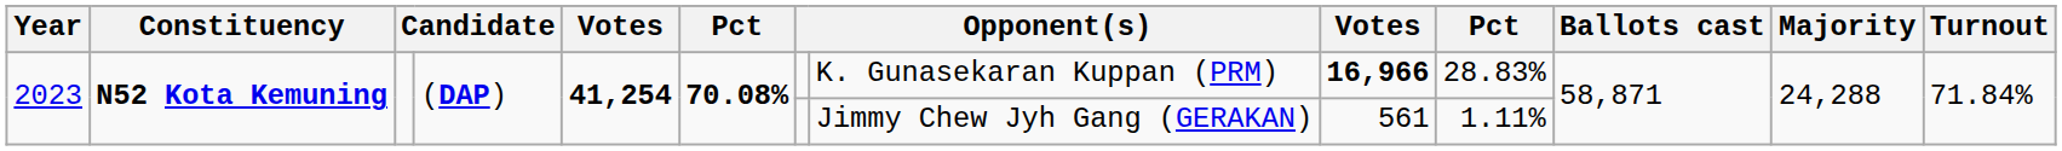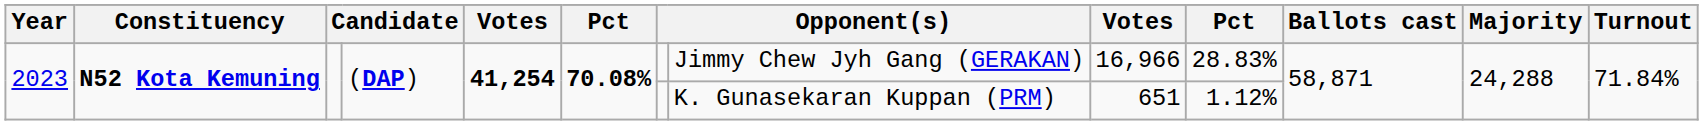 <table class="wikitable" style="margin:0.5em ; font-size:95%">
 <tr>
 <th>Year</th>
 <th>Constituency</th>
 <th colspan="2">Candidate</th>
 <th>Votes</th>
 <th>Pct</th>
 <th colspan="2">Opponent(s)</th>
 <th>Votes</th>
 <th>Pct</th>
 <th>Ballots cast</th>
 <th>Majority</th>
 <th>Turnout</th>
 </tr>
 <tr>
 <td rowspan=2><a href='#'>2023</a></td>
 <td rowspan=2><strong>N52 <a href='#'>Kota Kemuning</a></strong></td>
 <td rowspan=2 ></td>
 <td rowspan=2> (<a href='#'><strong>DAP</strong></a>)</td>
 <td rowspan=2 align=right><strong>41,254</strong></td>
 <td rowspan=2><strong>70.08%</strong></td>
 <td bgcolor=></td>
-<td>K. Gunasekaran Kuppan (<a href='#'>PRM</a>)</td>
-<td align=right><strong>16,966</strong></td>
+<td>Jimmy Chew Jyh Gang (<a href='#'>GERAKAN</a>)</td>
+<td align=right>16,966</td>
 <td>28.83%</td>
 <td rowspan=2>58,871</td>
 <td rowspan=2>24,288</td>
 <td rowspan=2>71.84%</td>
 </tr>
 <tr>
 <td bgcolor=></td>
-<td>Jimmy Chew Jyh Gang (<a href='#'>GERAKAN</a>)</td>
-<td align=right>561</td>
-<td align=right>1.11%</td>
+<td>K. Gunasekaran Kuppan (<a href='#'>PRM</a>)</td>
+<td align=right>651</td>
+<td align=right>1.12%</td>
 </tr>
 </table>
